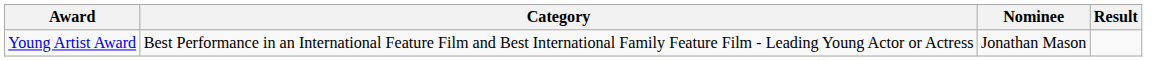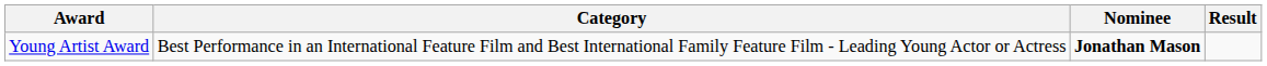 <table class="wikitable sortable">
 <tr>
 <th>Award</th>
 <th>Category</th>
 <th>Nominee</th>
 <th>Result</th>
 </tr>
 <tr>
 <td rowspan="2"><a href='#'>Young Artist Award</a></td>
 <td>Best Performance in an International Feature Film and Best International Family Feature Film - Leading Young Actor or Actress</td>
-<td>Jonathan Mason</td>
+<td><strong>Jonathan Mason</strong></td>
 <td></td>
 </tr>
 </table>
